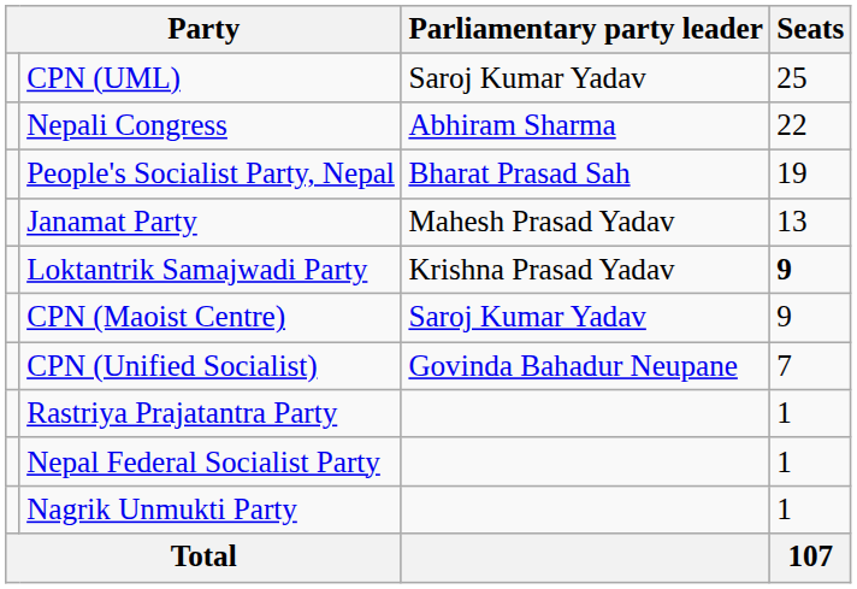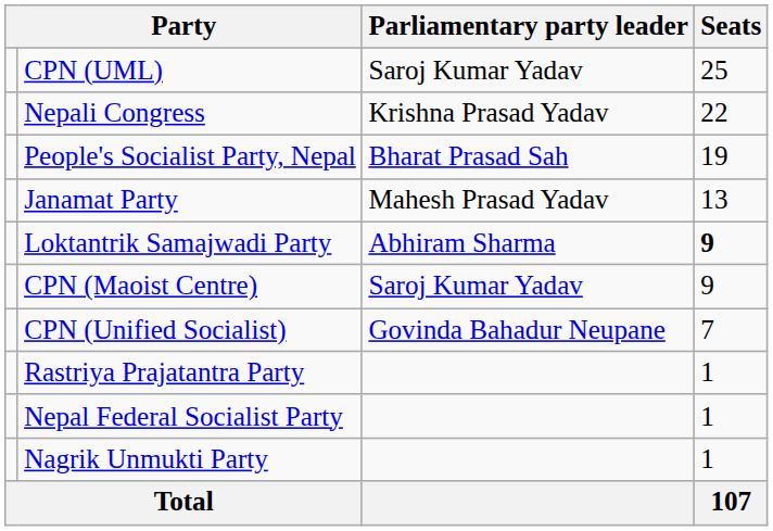 <table class="wikitable">
 <tr>
 <th colspan="2">Party</th>
 <th>Parliamentary party leader</th>
 <th>Seats</th>
 </tr>
 <tr>
 <td></td>
 <td><a href='#'>CPN (UML)</a></td>
 <td>Saroj Kumar Yadav</td>
 <td>25</td>
 </tr>
 <tr>
 <td></td>
 <td><a href='#'>Nepali Congress</a></td>
-<td><a href='#'>Abhiram Sharma</a></td>
+<td>Krishna Prasad Yadav</td>
 <td>22</td>
 </tr>
 <tr>
 <td></td>
 <td><a href='#'>People's Socialist Party, Nepal</a></td>
 <td><a href='#'>Bharat Prasad Sah</a></td>
 <td>19</td>
 </tr>
 <tr>
 <td></td>
 <td><a href='#'>Janamat Party</a></td>
 <td>Mahesh Prasad Yadav</td>
 <td>13</td>
 </tr>
 <tr>
 <td></td>
 <td><a href='#'>Loktantrik Samajwadi Party</a></td>
-<td>Krishna Prasad Yadav</td>
+<td><a href='#'>Abhiram Sharma</a></td>
 <td><strong>9</strong></td>
 </tr>
 <tr>
 <td></td>
 <td><a href='#'>CPN (Maoist Centre)</a></td>
 <td><a href='#'>Saroj Kumar Yadav</a></td>
 <td>9</td>
 </tr>
 <tr>
 <td></td>
 <td><a href='#'>CPN (Unified Socialist)</a></td>
 <td><a href='#'>Govinda Bahadur Neupane</a></td>
 <td>7</td>
 </tr>
 <tr>
 <td></td>
 <td><a href='#'>Rastriya Prajatantra Party</a></td>
 <td></td>
 <td>1</td>
 </tr>
 <tr>
 <td></td>
 <td><a href='#'>Nepal Federal Socialist Party</a></td>
 <td></td>
 <td>1</td>
 </tr>
 <tr>
 <td></td>
 <td><a href='#'>Nagrik Unmukti Party</a></td>
 <td></td>
 <td>1</td>
 </tr>
 <tr>
 <th colspan="2">Total</th>
 <th></th>
 <th>107</th>
 </tr>
 </table>
